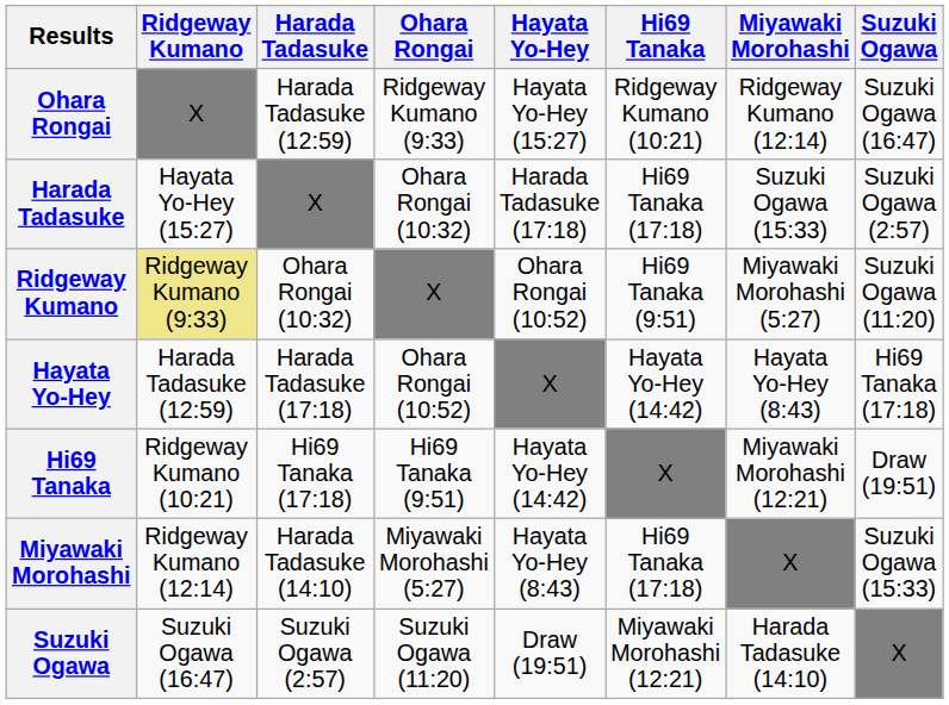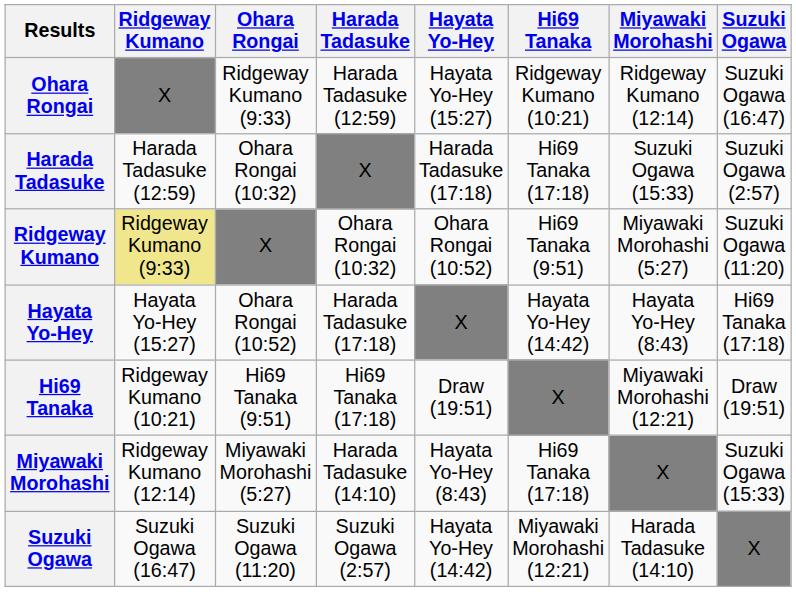 <table class="wikitable" style="text-align:center; margin: 1em auto 1em auto">
 <tr align="center">
 <th>Results</th>
 <th><a href='#'>Ridgeway</a><br><a href='#'>Kumano</a></th>
+<th><a href='#'>Ohara</a><br><a href='#'>Rongai</a></th>
 <th><a href='#'>Harada</a><br><a href='#'>Tadasuke</a></th>
-<th><a href='#'>Ohara</a><br><a href='#'>Rongai</a></th>
 <th><a href='#'>Hayata</a><br><a href='#'>Yo-Hey</a></th>
 <th><a href='#'>Hi69</a><br><a href='#'>Tanaka</a></th>
 <th><a href='#'>Miyawaki</a><br><a href='#'>Morohashi</a></th>
 <th><a href='#'>Suzuki</a><br><a href='#'>Ogawa</a></th>
 </tr>
 <tr align="center">
 <th><a href='#'>Ohara</a><br><a href='#'>Rongai</a></th>
 <td bgcolor="grey">X</td>
+<td>Ridgeway<br>Kumano<br>(9:33)</td>
 <td>Harada<br>Tadasuke<br>(12:59)</td>
-<td>Ridgeway<br>Kumano<br>(9:33)</td>
 <td>Hayata<br>Yo-Hey<br>(15:27)</td>
 <td>Ridgeway<br>Kumano<br>(10:21)</td>
 <td>Ridgeway<br>Kumano<br>(12:14)</td>
 <td>Suzuki<br>Ogawa<br>(16:47)</td>
 </tr>
 <tr align="center">
 <th><a href='#'>Harada</a><br><a href='#'>Tadasuke</a></th>
-<td>Hayata<br>Yo-Hey<br>(15:27)</td>
+<td>Harada<br>Tadasuke<br>(12:59)</td>
+<td>Ohara<br>Rongai<br>(10:32)</td>
 <td bgcolor="grey">X</td>
-<td>Ohara<br>Rongai<br>(10:32)</td>
 <td>Harada<br>Tadasuke<br>(17:18)</td>
 <td>Hi69<br>Tanaka<br>(17:18)</td>
 <td>Suzuki<br>Ogawa<br>(15:33)</td>
 <td>Suzuki<br>Ogawa<br>(2:57)</td>
 </tr>
 <tr align="center">
 <th><a href='#'>Ridgeway</a><br><a href='#'>Kumano</a></th>
 <td style="background: khaki;">Ridgeway<br>Kumano<br>(9:33)</td>
+<td bgcolor="grey">X</td>
 <td>Ohara<br>Rongai<br>(10:32)</td>
-<td bgcolor="grey">X</td>
 <td>Ohara<br>Rongai<br>(10:52)</td>
 <td>Hi69<br>Tanaka<br>(9:51)</td>
 <td>Miyawaki<br>Morohashi<br>(5:27)</td>
 <td>Suzuki<br>Ogawa<br>(11:20)</td>
 </tr>
 <tr align="center">
 <th><a href='#'>Hayata</a><br><a href='#'>Yo-Hey</a></th>
-<td>Harada<br>Tadasuke<br>(12:59)</td>
+<td>Hayata<br>Yo-Hey<br>(15:27)</td>
+<td>Ohara<br>Rongai<br>(10:52)</td>
 <td>Harada<br>Tadasuke<br>(17:18)</td>
-<td>Ohara<br>Rongai<br>(10:52)</td>
 <td bgcolor="grey">X</td>
 <td>Hayata<br>Yo-Hey<br>(14:42)</td>
 <td>Hayata<br>Yo-Hey<br>(8:43)</td>
 <td>Hi69<br>Tanaka<br>(17:18)</td>
 </tr>
 <tr align="center">
 <th><a href='#'>Hi69</a><br><a href='#'>Tanaka</a></th>
 <td>Ridgeway<br>Kumano<br>(10:21)</td>
+<td>Hi69<br>Tanaka<br>(9:51)</td>
 <td>Hi69<br>Tanaka<br>(17:18)</td>
-<td>Hi69<br>Tanaka<br>(9:51)</td>
-<td>Hayata<br>Yo-Hey<br>(14:42)</td>
+<td>Draw<br> (19:51)</td>
 <td bgcolor="grey">X</td>
 <td>Miyawaki<br>Morohashi<br>(12:21)</td>
 <td>Draw<br> (19:51)</td>
 </tr>
 <tr align="center">
 <th><a href='#'>Miyawaki</a><br><a href='#'>Morohashi</a></th>
 <td>Ridgeway<br>Kumano<br>(12:14)</td>
+<td>Miyawaki<br>Morohashi<br>(5:27)</td>
 <td>Harada<br>Tadasuke<br>(14:10)</td>
-<td>Miyawaki<br>Morohashi<br>(5:27)</td>
 <td>Hayata<br>Yo-Hey<br>(8:43)</td>
 <td>Hi69<br>Tanaka<br>(17:18)</td>
 <td bgcolor="grey">X</td>
 <td>Suzuki<br>Ogawa<br>(15:33)</td>
 </tr>
 <tr align="center">
 <th><a href='#'>Suzuki</a><br><a href='#'>Ogawa</a></th>
 <td>Suzuki<br>Ogawa<br>(16:47)</td>
+<td>Suzuki<br>Ogawa<br>(11:20)</td>
 <td>Suzuki<br>Ogawa<br>(2:57)</td>
-<td>Suzuki<br>Ogawa<br>(11:20)</td>
-<td>Draw<br> (19:51)</td>
+<td>Hayata<br>Yo-Hey<br>(14:42)</td>
 <td>Miyawaki<br>Morohashi<br>(12:21)</td>
 <td>Harada<br>Tadasuke<br>(14:10)</td>
 <td bgcolor="grey">X</td>
 </tr>
 </table>
